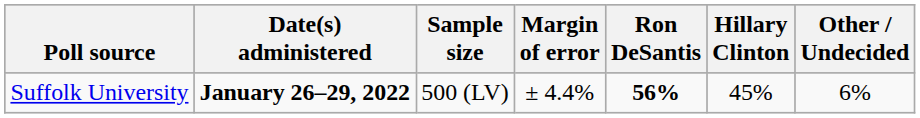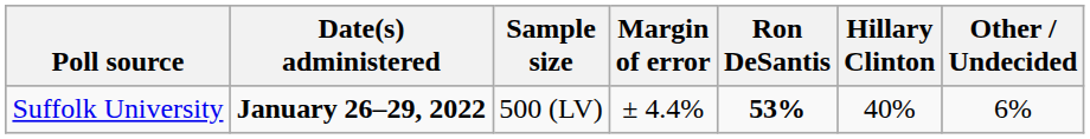 <table class="wikitable sortable mw-datatable" style="font-size:90%;text-align:center;line-height:17px">
 <tr valign=bottom>
 <th>Poll source</th>
 <th>Date(s)<br>administered</th>
 <th>Sample<br>size</th>
 <th>Margin<br>of error</th>
 <th class="unsortable">Ron<br>DeSantis<br></th>
 <th class="unsortable">Hillary<br>Clinton<br></th>
 <th class="unsortable">Other /<br>Undecided</th>
 </tr>
 <tr>
 <td style="text-align:left;"><a href='#'>Suffolk University</a></td>
 <td data-sort-value=2022-01-29><strong>January 26–29, 2022</strong></td>
 <td>500 (LV)</td>
 <td>± 4.4%</td>
-<td style="background-color:"><strong>56%</strong></td>
-<td>45%</td>
+<td style="background-color:"><strong>53%</strong></td>
+<td>40%</td>
 <td>6%</td>
 </tr>
 </table>
